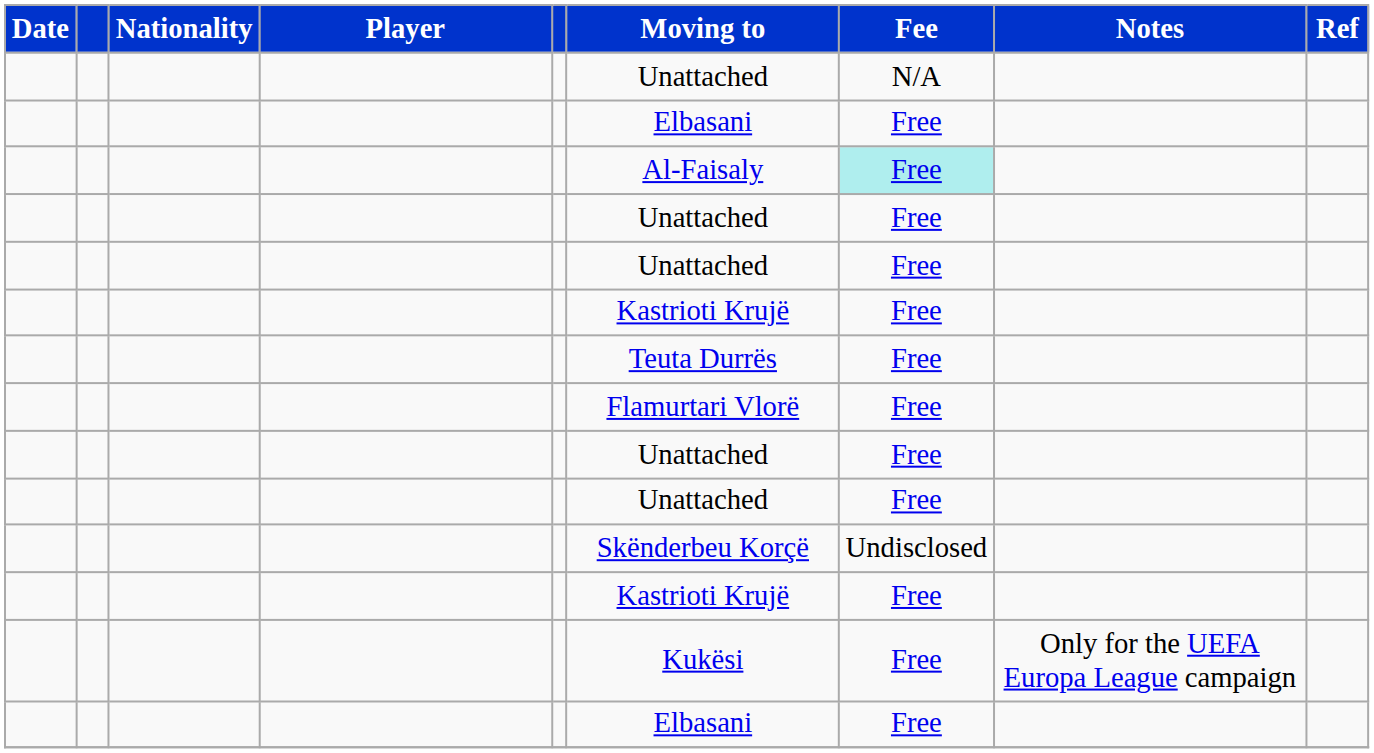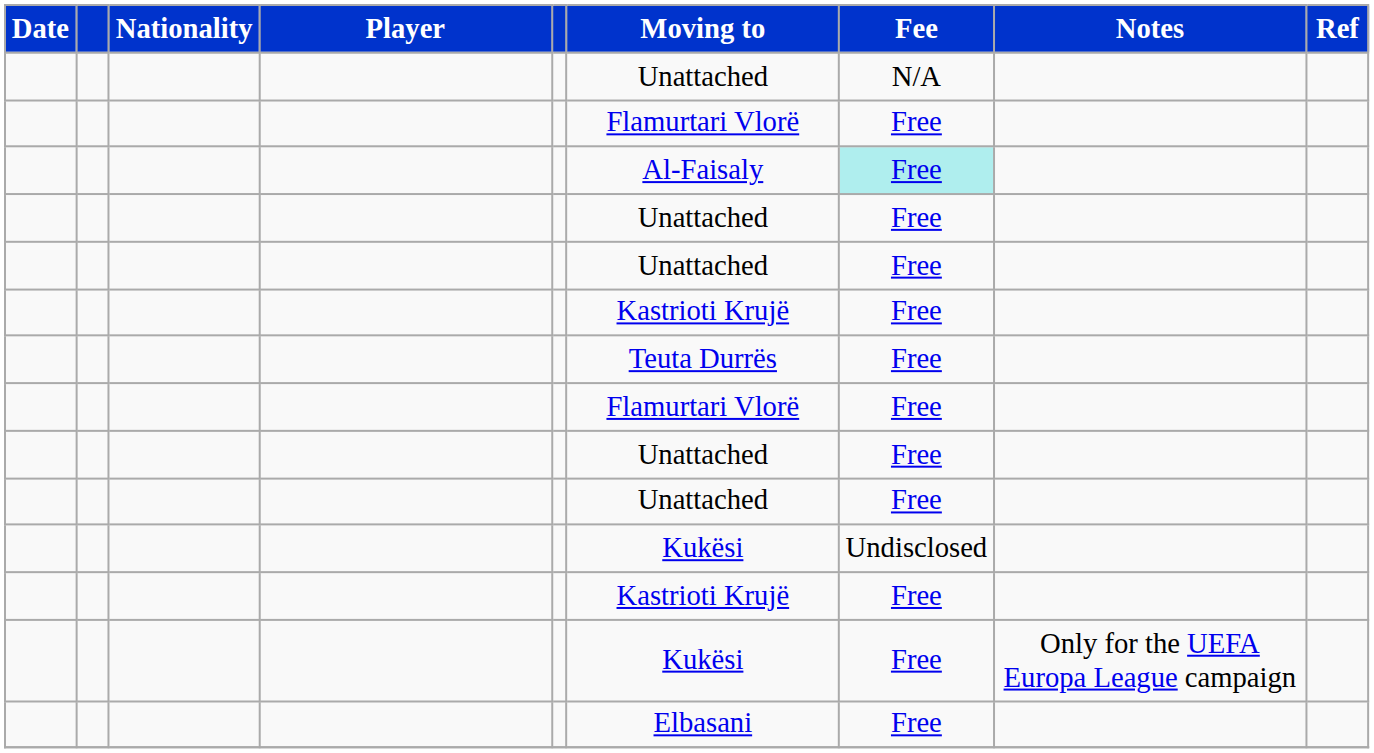 <table class="wikitable"  style="text-align:center; font-size:90%; ">
 <tr>
 <th style="background:#03c; color:white; width:15px;">Date</th>
 <th style="background:#03c; color:white; width:10px;"></th>
 <th style="background:#03c; color:white; width:10px;">Nationality</th>
 <th style="background:#03c; color:white; width:140px;">Player</th>
 <th style="background:#03c; color:white; width:1px;"></th>
 <th style="background:#03c; color:white; width:130px;">Moving to</th>
 <th style="background:#03c; color:white; width:50px;">Fee</th>
 <th style="background:#03c; color:white; width:150px;">Notes</th>
 <th style="background:#03c; color:white; width:25px;">Ref</th>
 </tr>
 <tr>
 <td></td>
 <td align=center></td>
 <td></td>
 <td></td>
 <td></td>
 <td>Unattached</td>
 <td align=center>N/A</td>
 <td align=center></td>
 <td align=center></td>
 </tr>
 <tr>
 <td></td>
 <td align=center></td>
 <td></td>
 <td></td>
 <td></td>
-<td><a href='#'>Elbasani</a></td>
+<td><a href='#'>Flamurtari Vlorë</a></td>
 <td align=center><a href='#'>Free</a></td>
 <td align=center></td>
 <td align=center></td>
 </tr>
 <tr>
 <td></td>
 <td align=center></td>
 <td></td>
 <td></td>
 <td></td>
 <td><a href='#'>Al-Faisaly</a></td>
 <td align=center style="background: paleturquoise;"><a href='#'>Free</a></td>
 <td align=center></td>
 <td align=center></td>
 </tr>
 <tr>
 <td></td>
 <td align=center></td>
 <td></td>
 <td></td>
 <td></td>
 <td>Unattached</td>
 <td align=center><a href='#'>Free</a></td>
 <td align=center></td>
 <td align=center></td>
 </tr>
 <tr>
 <td></td>
 <td align=center></td>
 <td></td>
 <td></td>
 <td></td>
 <td>Unattached</td>
 <td align=center><a href='#'>Free</a></td>
 <td align=center></td>
 <td align=center></td>
 </tr>
 <tr>
 <td></td>
 <td align=center></td>
 <td></td>
 <td></td>
 <td></td>
 <td><a href='#'>Kastrioti Krujë</a></td>
 <td align=center><a href='#'>Free</a></td>
 <td align=center></td>
 <td align=center></td>
 </tr>
 <tr>
 <td></td>
 <td align=center></td>
 <td></td>
 <td></td>
 <td></td>
 <td><a href='#'>Teuta Durrës</a></td>
 <td align=center><a href='#'>Free</a></td>
 <td align=center></td>
 <td align=center></td>
 </tr>
 <tr>
 <td></td>
 <td align=center></td>
 <td></td>
 <td></td>
 <td></td>
 <td><a href='#'>Flamurtari Vlorë</a></td>
 <td align=center><a href='#'>Free</a></td>
 <td align=center></td>
 <td align=center></td>
 </tr>
 <tr>
 <td></td>
 <td align=center></td>
 <td></td>
 <td></td>
 <td></td>
 <td>Unattached</td>
 <td align=center><a href='#'>Free</a></td>
 <td align=center></td>
 <td align=center></td>
 </tr>
 <tr>
 <td></td>
 <td align=center></td>
 <td></td>
 <td></td>
 <td></td>
 <td>Unattached</td>
 <td align=center><a href='#'>Free</a></td>
 <td align=center></td>
 <td align=center></td>
 </tr>
 <tr>
 <td></td>
 <td align=center></td>
 <td></td>
 <td></td>
 <td></td>
-<td><a href='#'>Skënderbeu Korçë</a></td>
+<td><a href='#'>Kukësi</a></td>
 <td align=center>Undisclosed</td>
 <td align=center></td>
 <td align=center></td>
 </tr>
 <tr>
 <td></td>
 <td align=center></td>
 <td></td>
 <td></td>
 <td></td>
 <td><a href='#'>Kastrioti Krujë</a></td>
 <td align=center><a href='#'>Free</a></td>
 <td align=center></td>
 <td align=center></td>
 </tr>
 <tr>
 <td></td>
 <td align=center></td>
 <td></td>
 <td></td>
 <td></td>
 <td><a href='#'>Kukësi</a></td>
 <td align=center><a href='#'>Free</a></td>
 <td align=center>Only for the <a href='#'>UEFA Europa League</a> campaign</td>
 <td align=center></td>
 </tr>
 <tr>
 <td></td>
 <td align=center></td>
 <td></td>
 <td></td>
 <td></td>
 <td><a href='#'>Elbasani</a></td>
 <td align=center><a href='#'>Free</a></td>
 <td align=center></td>
 <td align=center></td>
 </tr>
 <tr>
 </tr>
 </table>
